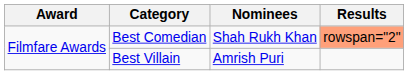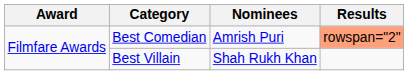 <table class="wikitable plainrowheaders sortable">
 <tr>
 <th>Award</th>
 <th>Category</th>
 <th>Nominees</th>
 <th>Results</th>
 </tr>
 <tr>
 <td rowspan="2"><a href='#'>Filmfare Awards</a></td>
 <td><a href='#'>Best Comedian</a></td>
-<td><a href='#'>Shah Rukh Khan</a></td>
+<td><a href='#'>Amrish Puri</a></td>
 <td style="background: lightsalmon;">rowspan="2" </td>
 </tr>
 <tr>
 <td><a href='#'>Best Villain</a></td>
-<td><a href='#'>Amrish Puri</a></td>
+<td><a href='#'>Shah Rukh Khan</a></td>
 </tr>
 </table>
